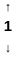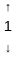 <table style="text-align:center;">
 <tr>
 <td><small> ↑  </small></td>
 </tr>
 <tr>
-<td><strong> <span>1</span></strong></td>
+<td> <span>1</span></td>
 </tr>
 <tr>
 <td><small> ↓  </small></td>
 </tr>
 </table>
